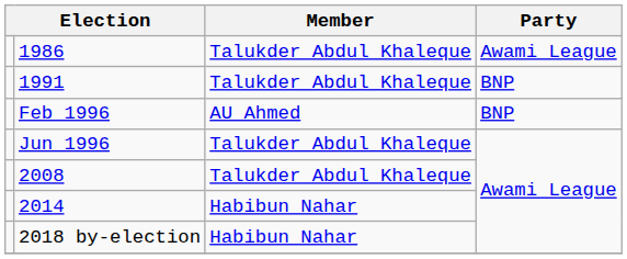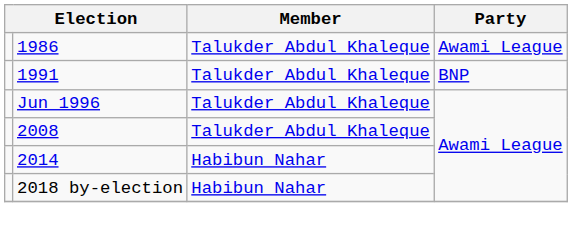 <table class="wikitable">
 <tr>
 <th colspan="2">Election</th>
 <th>Member</th>
 <th>Party</th>
 </tr>
 <tr>
 <td style="background-color:"></td>
 <td><a href='#'>1986</a></td>
 <td><a href='#'>Talukder Abdul Khaleque</a></td>
 <td><a href='#'>Awami League</a></td>
 </tr>
 <tr>
 <td style="background-color:"></td>
 <td><a href='#'>1991</a></td>
 <td><a href='#'>Talukder Abdul Khaleque</a></td>
-<td><a href='#'>BNP</a></td>
-</tr>
-<tr>
-<td style="background-color:"></td>
-<td><a href='#'>Feb 1996</a></td>
-<td><a href='#'>AU Ahmed</a></td>
 <td><a href='#'>BNP</a></td>
 </tr>
 <tr>
 <td style="background-color:"></td>
 <td><a href='#'>Jun 1996</a></td>
 <td><a href='#'>Talukder Abdul Khaleque</a></td>
 <td rowspan="4"><a href='#'>Awami League</a></td>
 </tr>
 <tr>
 <td style="background-color:"></td>
 <td><a href='#'>2008</a></td>
 <td><a href='#'>Talukder Abdul Khaleque</a></td>
 </tr>
 <tr>
 <td style="background-color:"></td>
 <td><a href='#'>2014</a></td>
 <td><a href='#'>Habibun Nahar</a></td>
 </tr>
 <tr>
 <td style="background-color:"></td>
 <td>2018 by-election</td>
 <td><a href='#'>Habibun Nahar</a></td>
 </tr>
 <tr>
 </tr>
 </table>
